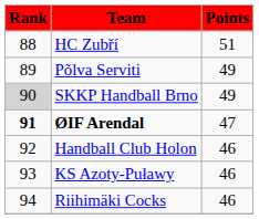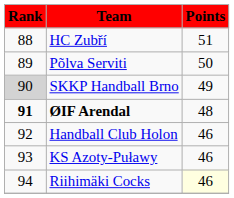 <table class="wikitable" style="text-align: center">
 <tr>
 <th style="color:#000000; background:#FF0000">Rank</th>
 <th style="color:#000000; background:#FF0000">Team</th>
 <th style="color:#000000; background:#FF0000">Points</th>
 </tr>
 <tr>
 <td>88</td>
 <td align=left> <a href='#'>HC Zubří</a></td>
 <td>51</td>
 </tr>
 <tr>
 <td>89</td>
 <td align=left> <a href='#'>Põlva Serviti</a></td>
-<td>49</td>
+<td>50</td>
 </tr>
 <tr>
 <td style="background: lightgrey;">90</td>
 <td align=left> <a href='#'>SKKP Handball Brno</a></td>
 <td>49</td>
 </tr>
 <tr>
 <td><strong>91</strong></td>
 <td align=left> <strong>ØIF Arendal</strong></td>
-<td>47</td>
+<td>48</td>
 </tr>
 <tr>
 <td>92</td>
 <td align=left> <a href='#'>Handball Club Holon</a></td>
 <td>46</td>
 </tr>
 <tr>
 <td>93</td>
 <td align=left> <a href='#'>KS Azoty-Puławy</a></td>
 <td>46</td>
 </tr>
 <tr>
 <td>94</td>
 <td align=left> <a href='#'>Riihimäki Cocks</a></td>
-<td>46</td>
+<td style="background: lightyellow;">46</td>
 </tr>
 <tr>
 </tr>
 </table>
